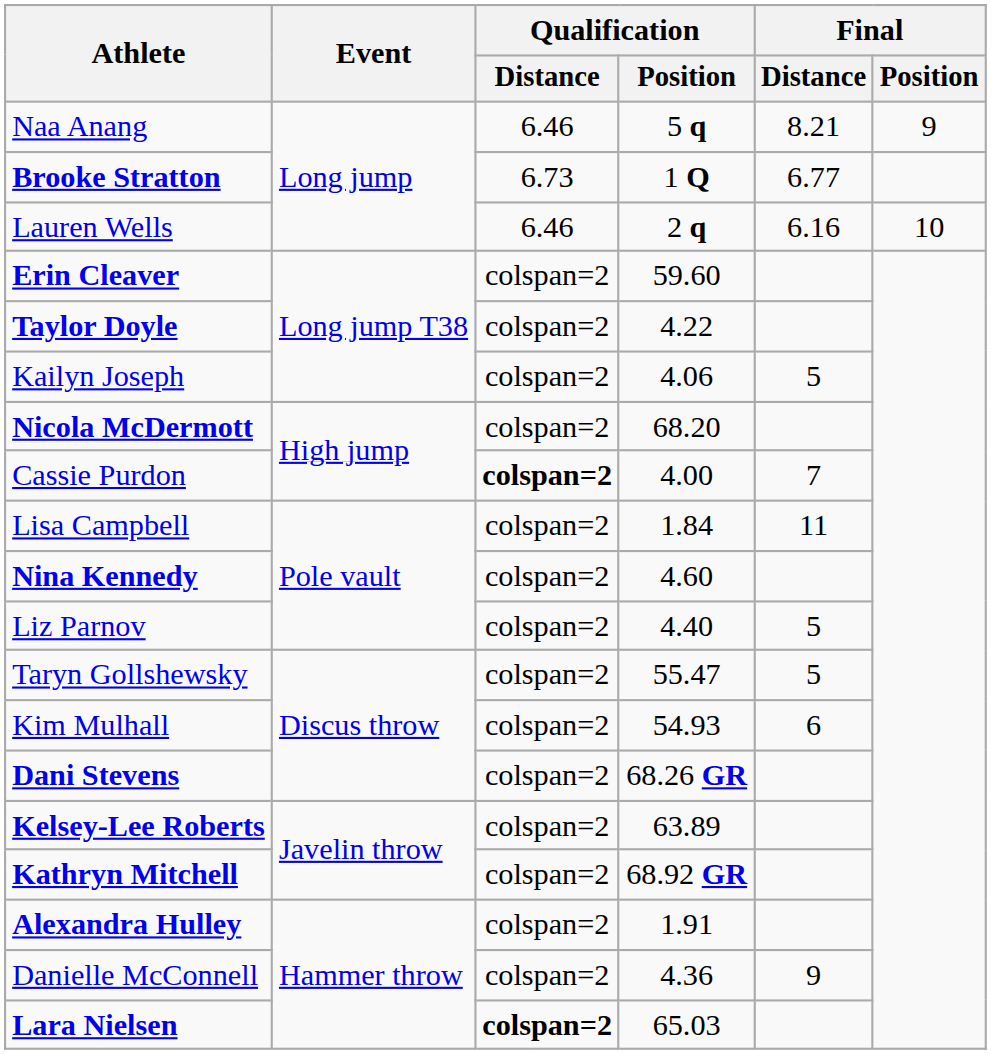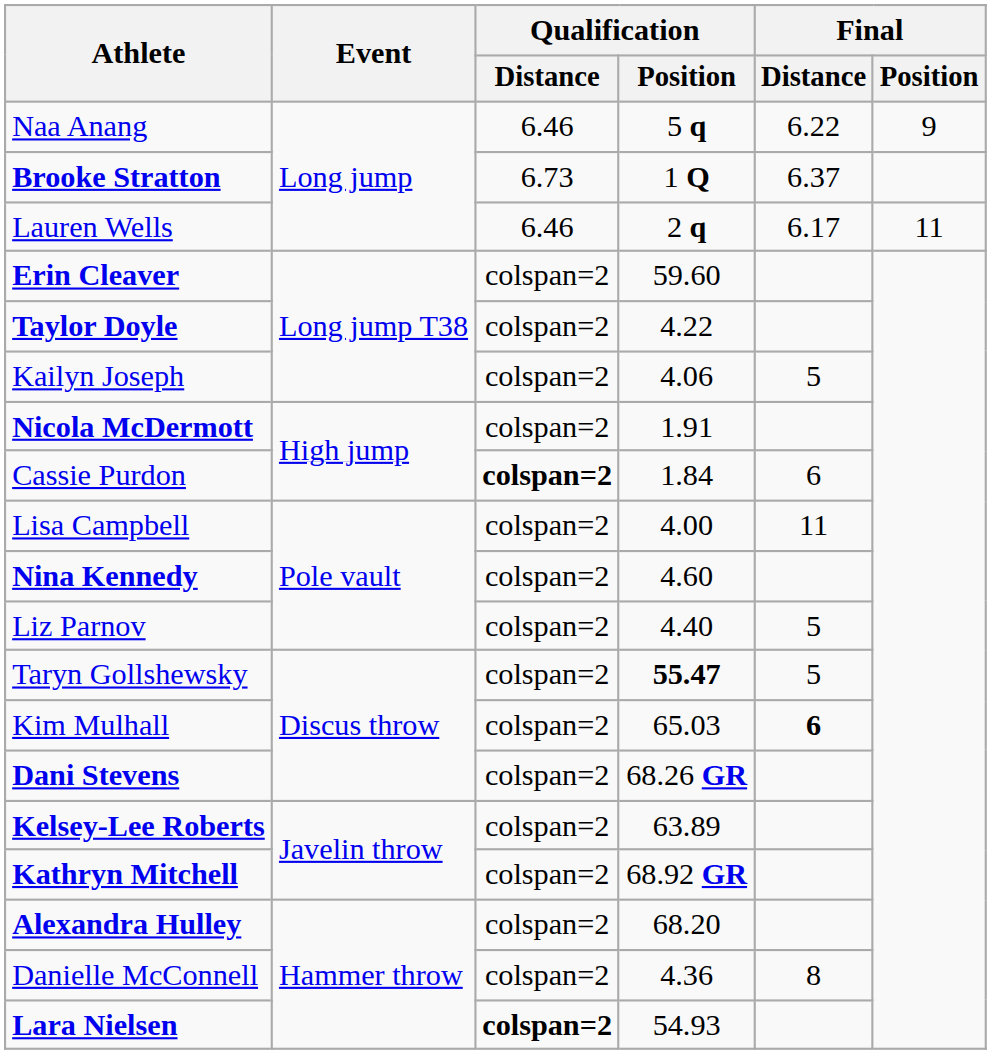 <table class=wikitable style=font-size:90%;text-align:center>
 <tr>
 <th rowspan=2>Athlete</th>
 <th rowspan=2>Event</th>
 <th colspan=2>Qualification</th>
 <th colspan=2>Final</th>
 </tr>
 <tr style=font-size:95%>
 <th>Distance</th>
 <th>Position</th>
 <th>Distance</th>
 <th>Position</th>
 </tr>
 <tr>
 <td align=left><a href='#'>Naa Anang</a></td>
 <td align=left rowspan=3><a href='#'>Long jump</a></td>
 <td>6.46</td>
 <td>5 <strong>q</strong></td>
-<td>8.21</td>
+<td>6.22</td>
 <td>9</td>
 </tr>
 <tr>
 <td align=left><strong><a href='#'>Brooke Stratton</a></strong></td>
 <td>6.73</td>
 <td>1 <strong>Q</strong></td>
-<td>6.77</td>
+<td>6.37</td>
 <td></td>
 </tr>
 <tr>
 <td align=left><a href='#'>Lauren Wells</a></td>
 <td>6.46</td>
 <td>2 <strong>q</strong></td>
-<td>6.16</td>
-<td>10</td>
+<td>6.17</td>
+<td>11</td>
 </tr>
 <tr>
 <td align=left><strong><a href='#'>Erin Cleaver</a></strong></td>
 <td align=left rowspan=3><a href='#'>Long jump T38</a></td>
 <td>colspan=2 </td>
 <td>59.60</td>
 <td></td>
 </tr>
 <tr>
 <td align=left><strong><a href='#'>Taylor Doyle</a></strong></td>
 <td>colspan=2 </td>
 <td>4.22</td>
 <td></td>
 </tr>
 <tr>
 <td align=left><a href='#'>Kailyn Joseph</a></td>
 <td>colspan=2 </td>
 <td>4.06</td>
 <td>5</td>
 </tr>
 <tr>
 <td align=left><strong><a href='#'>Nicola McDermott</a></strong></td>
 <td align=left rowspan=2><a href='#'>High jump</a></td>
 <td>colspan=2 </td>
-<td>68.20</td>
+<td>1.91</td>
 <td></td>
 </tr>
 <tr>
 <td align=left><a href='#'>Cassie Purdon</a></td>
 <td><strong>colspan=2 </strong></td>
-<td>4.00</td>
-<td>7</td>
+<td>1.84</td>
+<td>6</td>
 </tr>
 <tr>
 <td align=left><a href='#'>Lisa Campbell</a></td>
 <td align=left rowspan=3><a href='#'>Pole vault</a></td>
 <td>colspan=2 </td>
-<td>1.84</td>
+<td>4.00</td>
 <td>11</td>
 </tr>
 <tr>
 <td align=left><strong><a href='#'>Nina Kennedy</a></strong></td>
 <td>colspan=2 </td>
 <td>4.60</td>
 <td></td>
 </tr>
 <tr>
 <td align=left><a href='#'>Liz Parnov</a></td>
 <td>colspan=2 </td>
 <td>4.40</td>
 <td>5</td>
 </tr>
 <tr>
 <td align=left><a href='#'>Taryn Gollshewsky</a></td>
 <td align=left rowspan=3><a href='#'>Discus throw</a></td>
 <td>colspan=2 </td>
-<td>55.47</td>
+<td><strong>55.47</strong></td>
 <td>5</td>
 </tr>
 <tr>
 <td align=left><a href='#'>Kim Mulhall</a></td>
 <td>colspan=2 </td>
-<td>54.93</td>
-<td>6</td>
+<td>65.03</td>
+<td><strong>6</strong></td>
 </tr>
 <tr>
 <td align=left><strong><a href='#'>Dani Stevens</a></strong></td>
 <td>colspan=2 </td>
 <td>68.26 <a href='#'><strong>GR</strong></a></td>
 <td></td>
 </tr>
 <tr>
 <td align=left><strong><a href='#'>Kelsey-Lee Roberts</a></strong></td>
 <td align=left rowspan=2><a href='#'>Javelin throw</a></td>
 <td>colspan=2 </td>
 <td>63.89</td>
 <td></td>
 </tr>
 <tr>
 <td align=left><strong><a href='#'>Kathryn Mitchell</a></strong></td>
 <td>colspan=2 </td>
 <td>68.92 <a href='#'><strong>GR</strong></a></td>
 <td></td>
 </tr>
 <tr>
 <td align=left><strong><a href='#'>Alexandra Hulley</a></strong></td>
 <td align=left rowspan=3><a href='#'>Hammer throw</a></td>
 <td>colspan=2 </td>
-<td>1.91</td>
+<td>68.20</td>
 <td></td>
 </tr>
 <tr>
 <td align=left><a href='#'>Danielle McConnell</a></td>
 <td>colspan=2 </td>
 <td>4.36</td>
-<td>9</td>
+<td>8</td>
 </tr>
 <tr>
 <td align=left><strong><a href='#'>Lara Nielsen</a></strong></td>
 <td><strong>colspan=2 </strong></td>
-<td>65.03</td>
+<td>54.93</td>
 <td></td>
 </tr>
 </table>
